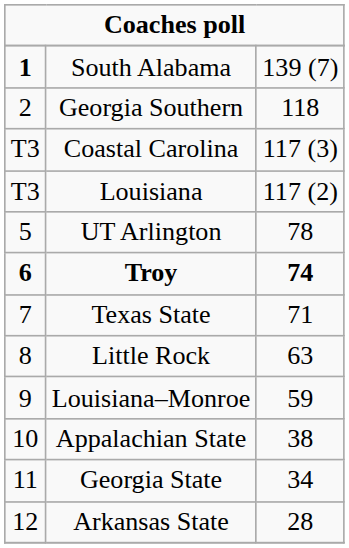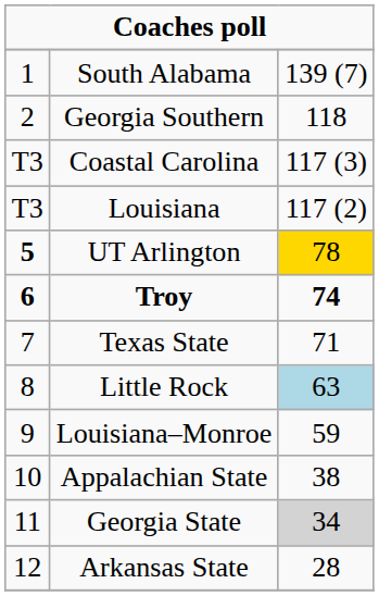 <table class="wikitable">
 <tr align="center">
 <td align="center" Colspan="3"><strong>Coaches poll</strong></td>
 </tr>
 <tr align="center">
 </tr>
 <tr align="center">
-<td><strong>1</strong></td>
+<td>1</td>
 <td>South Alabama</td>
 <td>139 (7)</td>
 </tr>
 <tr align="center">
 <td>2</td>
 <td>Georgia Southern</td>
 <td>118</td>
 </tr>
 <tr align="center">
 <td>T3</td>
 <td>Coastal Carolina</td>
 <td>117 (3)</td>
 </tr>
 <tr align="center">
 <td>T3</td>
 <td>Louisiana</td>
 <td>117 (2)</td>
 </tr>
 <tr align="center">
-<td>5</td>
+<td><strong>5</strong></td>
 <td>UT Arlington</td>
-<td>78</td>
+<td style="background: gold;">78</td>
 </tr>
 <tr align="center">
 <td><strong>6</strong></td>
 <td><strong>Troy</strong></td>
 <td><strong>74</strong></td>
 </tr>
 <tr align="center">
 <td>7</td>
 <td>Texas State</td>
 <td>71</td>
 </tr>
 <tr align="center">
 <td>8</td>
 <td>Little Rock</td>
-<td>63</td>
+<td style="background: lightblue;">63</td>
 </tr>
 <tr align="center">
 <td>9</td>
 <td>Louisiana–Monroe</td>
 <td>59</td>
 </tr>
 <tr align="center">
 <td>10</td>
 <td>Appalachian State</td>
 <td>38</td>
 </tr>
 <tr align="center">
 <td>11</td>
 <td>Georgia State</td>
-<td>34</td>
+<td style="background: lightgrey;">34</td>
 </tr>
 <tr align="center">
 <td>12</td>
 <td>Arkansas State</td>
 <td>28</td>
 </tr>
 <tr align="center">
 </tr>
 </table>
